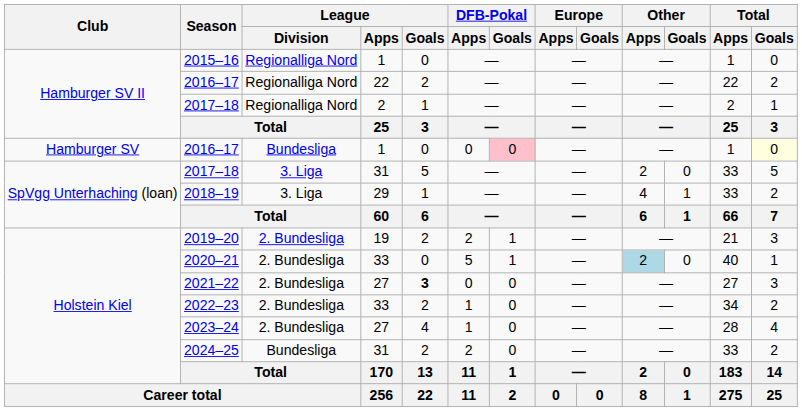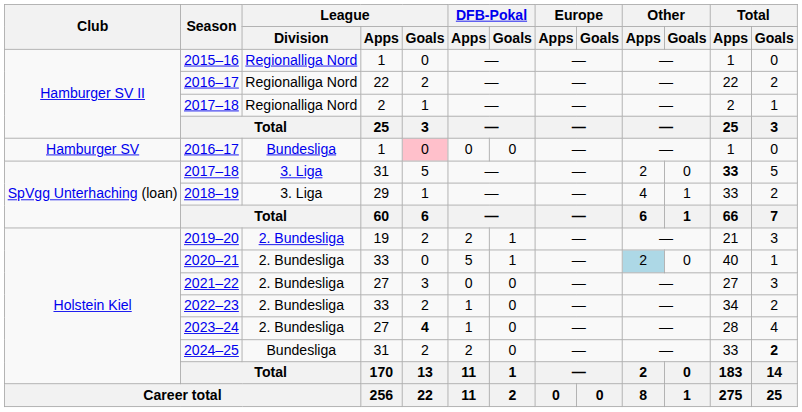 <table class="wikitable" style="text-align:center">
 <tr>
 <th rowspan="2">Club</th>
 <th rowspan="2">Season</th>
 <th colspan="3">League</th>
 <th colspan="2"><a href='#'>DFB-Pokal</a></th>
 <th colspan="2">Europe</th>
 <th colspan="2">Other</th>
 <th colspan="2">Total</th>
 </tr>
 <tr>
 <th>Division</th>
 <th>Apps</th>
 <th>Goals</th>
 <th>Apps</th>
 <th>Goals</th>
 <th>Apps</th>
 <th>Goals</th>
 <th>Apps</th>
 <th>Goals</th>
 <th>Apps</th>
 <th>Goals</th>
 </tr>
 <tr>
 <td rowspan="4"><a href='#'>Hamburger SV II</a></td>
 <td><a href='#'>2015–16</a></td>
 <td><a href='#'>Regionalliga Nord</a></td>
 <td>1</td>
 <td>0</td>
 <td colspan="2">—</td>
 <td colspan="2">—</td>
 <td colspan="2">—</td>
 <td>1</td>
 <td>0</td>
 </tr>
 <tr>
 <td><a href='#'>2016–17</a></td>
 <td>Regionalliga Nord</td>
 <td>22</td>
 <td>2</td>
 <td colspan="2">—</td>
 <td colspan="2">—</td>
 <td colspan="2">—</td>
 <td>22</td>
 <td>2</td>
 </tr>
 <tr>
 <td><a href='#'>2017–18</a></td>
 <td>Regionalliga Nord</td>
 <td>2</td>
 <td>1</td>
 <td colspan="2">—</td>
 <td colspan="2">—</td>
 <td colspan="2">—</td>
 <td>2</td>
 <td>1</td>
 </tr>
 <tr>
 <th colspan="2">Total</th>
 <th>25</th>
 <th>3</th>
 <th colspan="2">—</th>
 <th colspan="2">—</th>
 <th colspan="2">—</th>
 <th>25</th>
 <th>3</th>
 </tr>
 <tr>
 <td><a href='#'>Hamburger SV</a></td>
 <td><a href='#'>2016–17</a></td>
 <td><a href='#'>Bundesliga</a></td>
 <td>1</td>
+<td style="background: pink;">0</td>
 <td>0</td>
 <td>0</td>
-<td style="background: pink;">0</td>
 <td colspan="2">—</td>
 <td colspan="2">—</td>
 <td>1</td>
-<td style="background: lightyellow;">0</td>
+<td>0</td>
 </tr>
 <tr>
 <td rowspan="3"><a href='#'>SpVgg Unterhaching</a> (loan)</td>
 <td><a href='#'>2017–18</a></td>
 <td><a href='#'>3. Liga</a></td>
 <td>31</td>
 <td>5</td>
 <td colspan="2">—</td>
 <td colspan="2">—</td>
 <td>2</td>
 <td>0</td>
-<td>33</td>
+<td><strong>33</strong></td>
 <td>5</td>
 </tr>
 <tr>
 <td><a href='#'>2018–19</a></td>
 <td>3. Liga</td>
 <td>29</td>
 <td>1</td>
 <td colspan="2">—</td>
 <td colspan="2">—</td>
 <td>4</td>
 <td>1</td>
 <td>33</td>
 <td>2</td>
 </tr>
 <tr>
 <th colspan="2">Total</th>
 <th>60</th>
 <th>6</th>
 <th colspan="2">—</th>
 <th colspan="2">—</th>
 <th>6</th>
 <th>1</th>
 <th>66</th>
 <th>7</th>
 </tr>
 <tr>
 <td rowspan="7"><a href='#'>Holstein Kiel</a></td>
 <td><a href='#'>2019–20</a></td>
 <td><a href='#'>2. Bundesliga</a></td>
 <td>19</td>
 <td>2</td>
 <td>2</td>
 <td>1</td>
 <td colspan="2">—</td>
 <td colspan="2">—</td>
 <td>21</td>
 <td>3</td>
 </tr>
 <tr>
 <td><a href='#'>2020–21</a></td>
 <td>2. Bundesliga</td>
 <td>33</td>
 <td>0</td>
 <td>5</td>
 <td>1</td>
 <td colspan="2">—</td>
 <td style="background: lightblue;">2</td>
 <td>0</td>
 <td>40</td>
 <td>1</td>
 </tr>
 <tr>
 <td><a href='#'>2021–22</a></td>
 <td>2. Bundesliga</td>
 <td>27</td>
-<td><strong>3</strong></td>
+<td>3</td>
 <td>0</td>
 <td>0</td>
 <td colspan="2">—</td>
 <td colspan="2">—</td>
 <td>27</td>
 <td>3</td>
 </tr>
 <tr>
 <td><a href='#'>2022–23</a></td>
 <td>2. Bundesliga</td>
 <td>33</td>
 <td>2</td>
 <td>1</td>
 <td>0</td>
 <td colspan="2">—</td>
 <td colspan="2">—</td>
 <td>34</td>
 <td>2</td>
 </tr>
 <tr>
 <td><a href='#'>2023–24</a></td>
 <td>2. Bundesliga</td>
 <td>27</td>
-<td>4</td>
+<td><strong>4</strong></td>
 <td>1</td>
 <td>0</td>
 <td colspan="2">—</td>
 <td colspan="2">—</td>
 <td>28</td>
 <td>4</td>
 </tr>
 <tr>
 <td><a href='#'>2024–25</a></td>
 <td>Bundesliga</td>
 <td>31</td>
 <td>2</td>
 <td>2</td>
 <td>0</td>
 <td colspan="2">—</td>
 <td colspan="2">—</td>
 <td>33</td>
-<td>2</td>
+<td><strong>2</strong></td>
 </tr>
 <tr>
 <th colspan="2">Total</th>
 <th>170</th>
 <th>13</th>
 <th>11</th>
 <th>1</th>
 <th colspan="2">—</th>
 <th>2</th>
 <th>0</th>
 <th>183</th>
 <th>14</th>
 </tr>
 <tr>
 <th colspan="3">Career total</th>
 <th>256</th>
 <th>22</th>
 <th>11</th>
 <th>2</th>
 <th>0</th>
 <th>0</th>
 <th>8</th>
 <th>1</th>
 <th>275</th>
 <th>25</th>
 </tr>
 </table>
